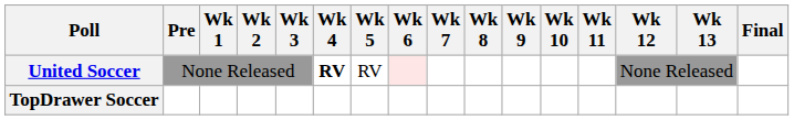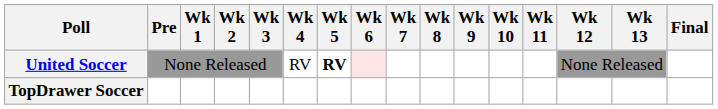 <table class="wikitable" style="white-space:nowrap;text-align:center;">
 <tr>
 <th>Poll</th>
 <th>Pre</th>
 <th>Wk<br>1</th>
 <th>Wk<br>2</th>
 <th>Wk<br>3</th>
 <th>Wk<br>4</th>
 <th>Wk<br>5</th>
 <th>Wk<br>6</th>
 <th>Wk<br>7</th>
 <th>Wk<br>8</th>
 <th>Wk<br>9</th>
 <th>Wk<br>10</th>
 <th>Wk<br>11</th>
 <th>Wk<br>12</th>
 <th>Wk<br>13</th>
 <th>Final<br></th>
 </tr>
 <tr>
 <th><a href='#'>United Soccer</a></th>
 <td colspan=4 style="background:#999;">None Released</td>
+<td style="background:#FFFFFF;">RV</td>
 <td style="background:#FFFFFF;"><strong>RV</strong></td>
-<td style="background:#FFFFFF;">RV</td>
 <td style="background:#FFE6E6;"></td>
 <td style="background:#FFFFFF;"></td>
 <td style="background:#FFFFFF;"></td>
 <td style="background:#FFFFFF;"></td>
 <td style="background:#FFFFFF;"></td>
 <td style="background:#FFFFFF;"></td>
 <td colspan=2 style="background:#999;">None Released</td>
 <td style="background:#FFFFFF;"></td>
 </tr>
 <tr>
 <th>TopDrawer Soccer </th>
 <td style="background:#FFFFFF;"></td>
 <td style="background:#FFFFFF;"></td>
 <td style="background:#FFFFFF;"></td>
 <td style="background:#FFFFFF;"></td>
 <td style="background:#FFFFFF;"></td>
 <td style="background:#FFFFFF;"></td>
 <td style="background:#FFFFFF;"></td>
 <td style="background:#FFFFFF;"></td>
 <td style="background:#FFFFFF;"></td>
 <td style="background:#FFFFFF;"></td>
 <td style="background:#FFFFFF;"></td>
 <td style="background:#FFFFFF;"></td>
 <td style="background:#FFFFFF;"></td>
 <td style="background:#FFFFFF;"></td>
 <td style="background:#FFFFFF;"></td>
 </tr>
 </table>
